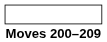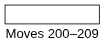 <table style="display:inline; display:inline-table;">
 <tr>
 <td style="border: solid thin; padding: 2px;"><br></td>
 </tr>
 <tr>
-<td style="text-align:center"><strong>Moves 200–209</strong></td>
+<td style="text-align:center">Moves 200–209</td>
 </tr>
 </table>
